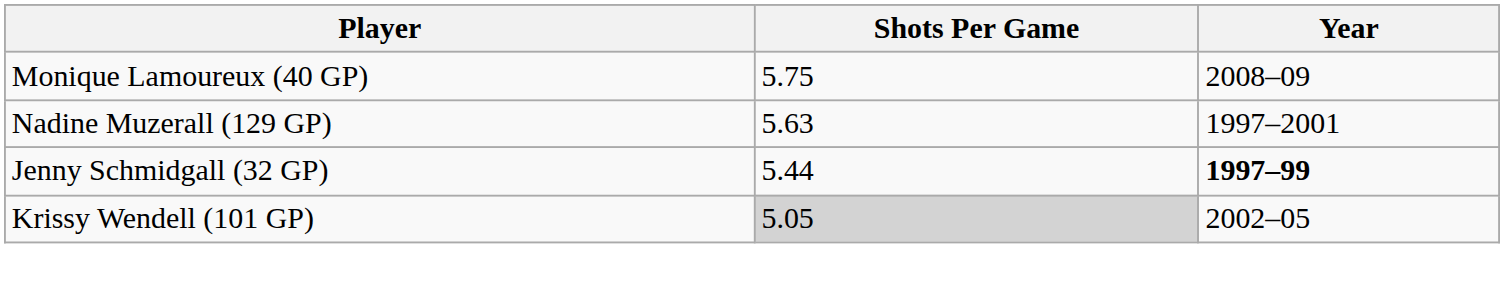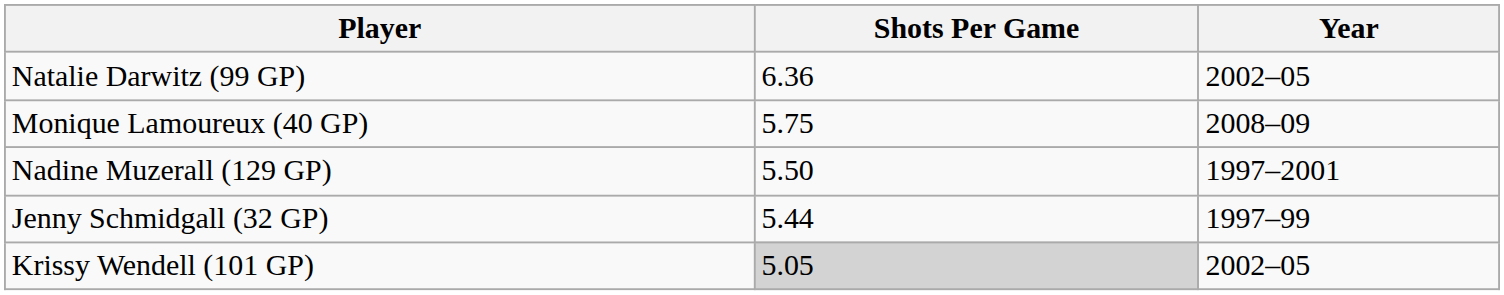 <table class="wikitable" style="width: 50em">
 <tr>
 <th>Player</th>
 <th>Shots Per Game</th>
 <th>Year</th>
+</tr>
+<tr>
+<td>Natalie Darwitz (99 GP)</td>
+<td>6.36</td>
+<td>2002–05</td>
 </tr>
 <tr>
 <td>Monique Lamoureux (40 GP)</td>
 <td>5.75</td>
 <td>2008–09</td>
 </tr>
 <tr>
 <td>Nadine Muzerall (129 GP)</td>
-<td>5.63</td>
+<td>5.50</td>
 <td>1997–2001</td>
 </tr>
 <tr>
 <td>Jenny Schmidgall (32 GP)</td>
 <td>5.44</td>
-<td><strong>1997–99</strong></td>
+<td>1997–99</td>
 </tr>
 <tr>
 <td>Krissy Wendell (101 GP)</td>
 <td style="background: lightgrey;">5.05</td>
 <td>2002–05</td>
 </tr>
 </table>
